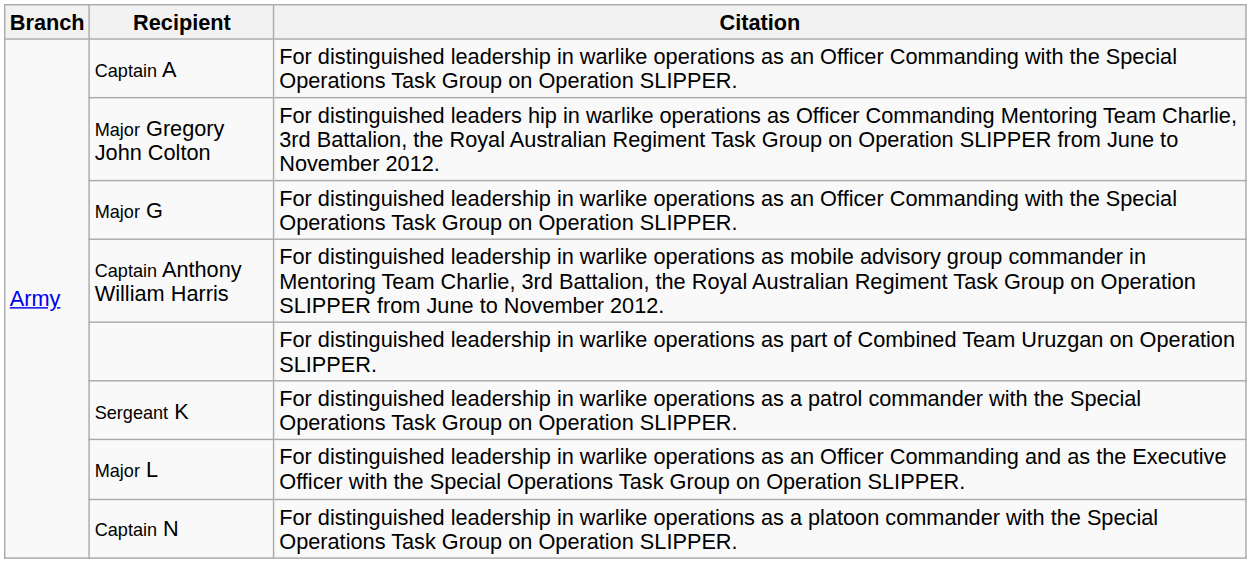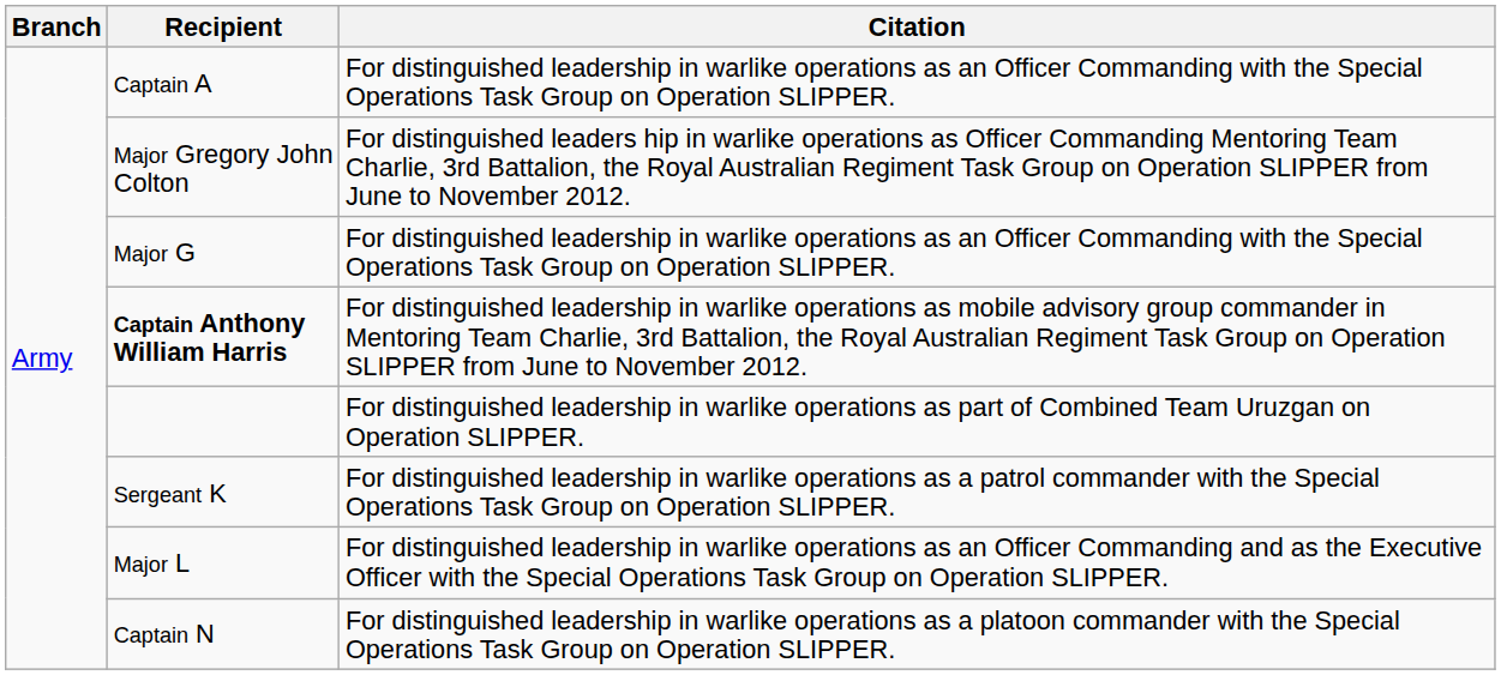 <table class="wikitable" style="font-size:95%;">
 <tr>
 <th>Branch</th>
 <th>Recipient</th>
 <th>Citation</th>
 </tr>
 <tr>
 <td rowspan="8"><a href='#'>Army</a></td>
 <td><small>Captain</small> A</td>
 <td>For distinguished leadership in warlike operations as an Officer Commanding with the Special Operations Task Group on Operation SLIPPER.</td>
 </tr>
 <tr>
 <td><small>Major</small> Gregory John Colton</td>
 <td>For distinguished leaders hip in warlike operations as Officer Commanding Mentoring Team Charlie, 3rd Battalion, the Royal Australian Regiment Task Group on Operation SLIPPER from June to November 2012.</td>
 </tr>
 <tr>
 <td><small>Major</small> G</td>
 <td>For distinguished leadership in warlike operations as an Officer Commanding with the Special Operations Task Group on Operation SLIPPER.</td>
 </tr>
 <tr>
-<td><small>Captain</small> Anthony William Harris</td>
+<td><strong><small>Captain</small> Anthony William Harris</strong></td>
 <td>For distinguished leadership in warlike operations as mobile advisory group commander in Mentoring Team Charlie, 3rd Battalion, the Royal Australian Regiment Task Group on Operation SLIPPER from June to November 2012.</td>
 </tr>
 <tr>
 <td></td>
 <td>For distinguished leadership in warlike operations as part of Combined Team Uruzgan on Operation SLIPPER.</td>
 </tr>
 <tr>
 <td><small>Sergeant</small> K</td>
 <td>For distinguished leadership in warlike operations as a patrol commander with the Special Operations Task Group on Operation SLIPPER.</td>
 </tr>
 <tr>
 <td><small>Major</small> L</td>
 <td>For distinguished leadership in warlike operations as an Officer Commanding and as the Executive Officer with the Special Operations Task Group on Operation SLIPPER.</td>
 </tr>
 <tr>
 <td><small>Captain</small> N</td>
 <td>For distinguished leadership in warlike operations as a platoon commander with the Special Operations Task Group on Operation SLIPPER.</td>
 </tr>
 </table>
